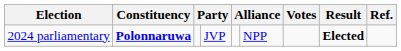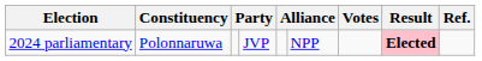 <table class="wikitable" style="text-align:left;">
 <tr>
 <th scope=col>Election</th>
 <th scope=col>Constituency</th>
 <th scope=col colspan="2">Party</th>
 <th scope=col colspan="2">Alliance</th>
 <th scope=col>Votes</th>
 <th scope=col>Result</th>
 <th scope=col>Ref.</th>
 </tr>
 <tr>
 <td><a href='#'>2024 parliamentary</a></td>
-<td><strong><a href='#'>Polonnaruwa</a></strong></td>
+<td><a href='#'>Polonnaruwa</a></td>
 <td style="background:"></td>
 <td><a href='#'>JVP</a></td>
 <td style="background:"></td>
 <td><a href='#'>NPP</a></td>
 <td align=right></td>
-<td><strong>Elected</strong></td>
+<td style="background: pink;"><strong>Elected</strong></td>
 <td></td>
 </tr>
 </table>
